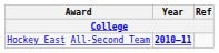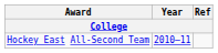 <table class="wikitable">
 <tr>
 <th>Award</th>
 <th>Year</th>
 <th>Ref</th>
 </tr>
 <tr>
 <th colspan="3"><a href='#'>College</a></th>
 </tr>
 <tr>
 <td><a href='#'>Hockey East</a> <a href='#'>All-Second Team</a></td>
-<td><strong><a href='#'>2010–11</a></strong></td>
+<td><a href='#'>2010–11</a></td>
 <td></td>
 </tr>
 </table>
